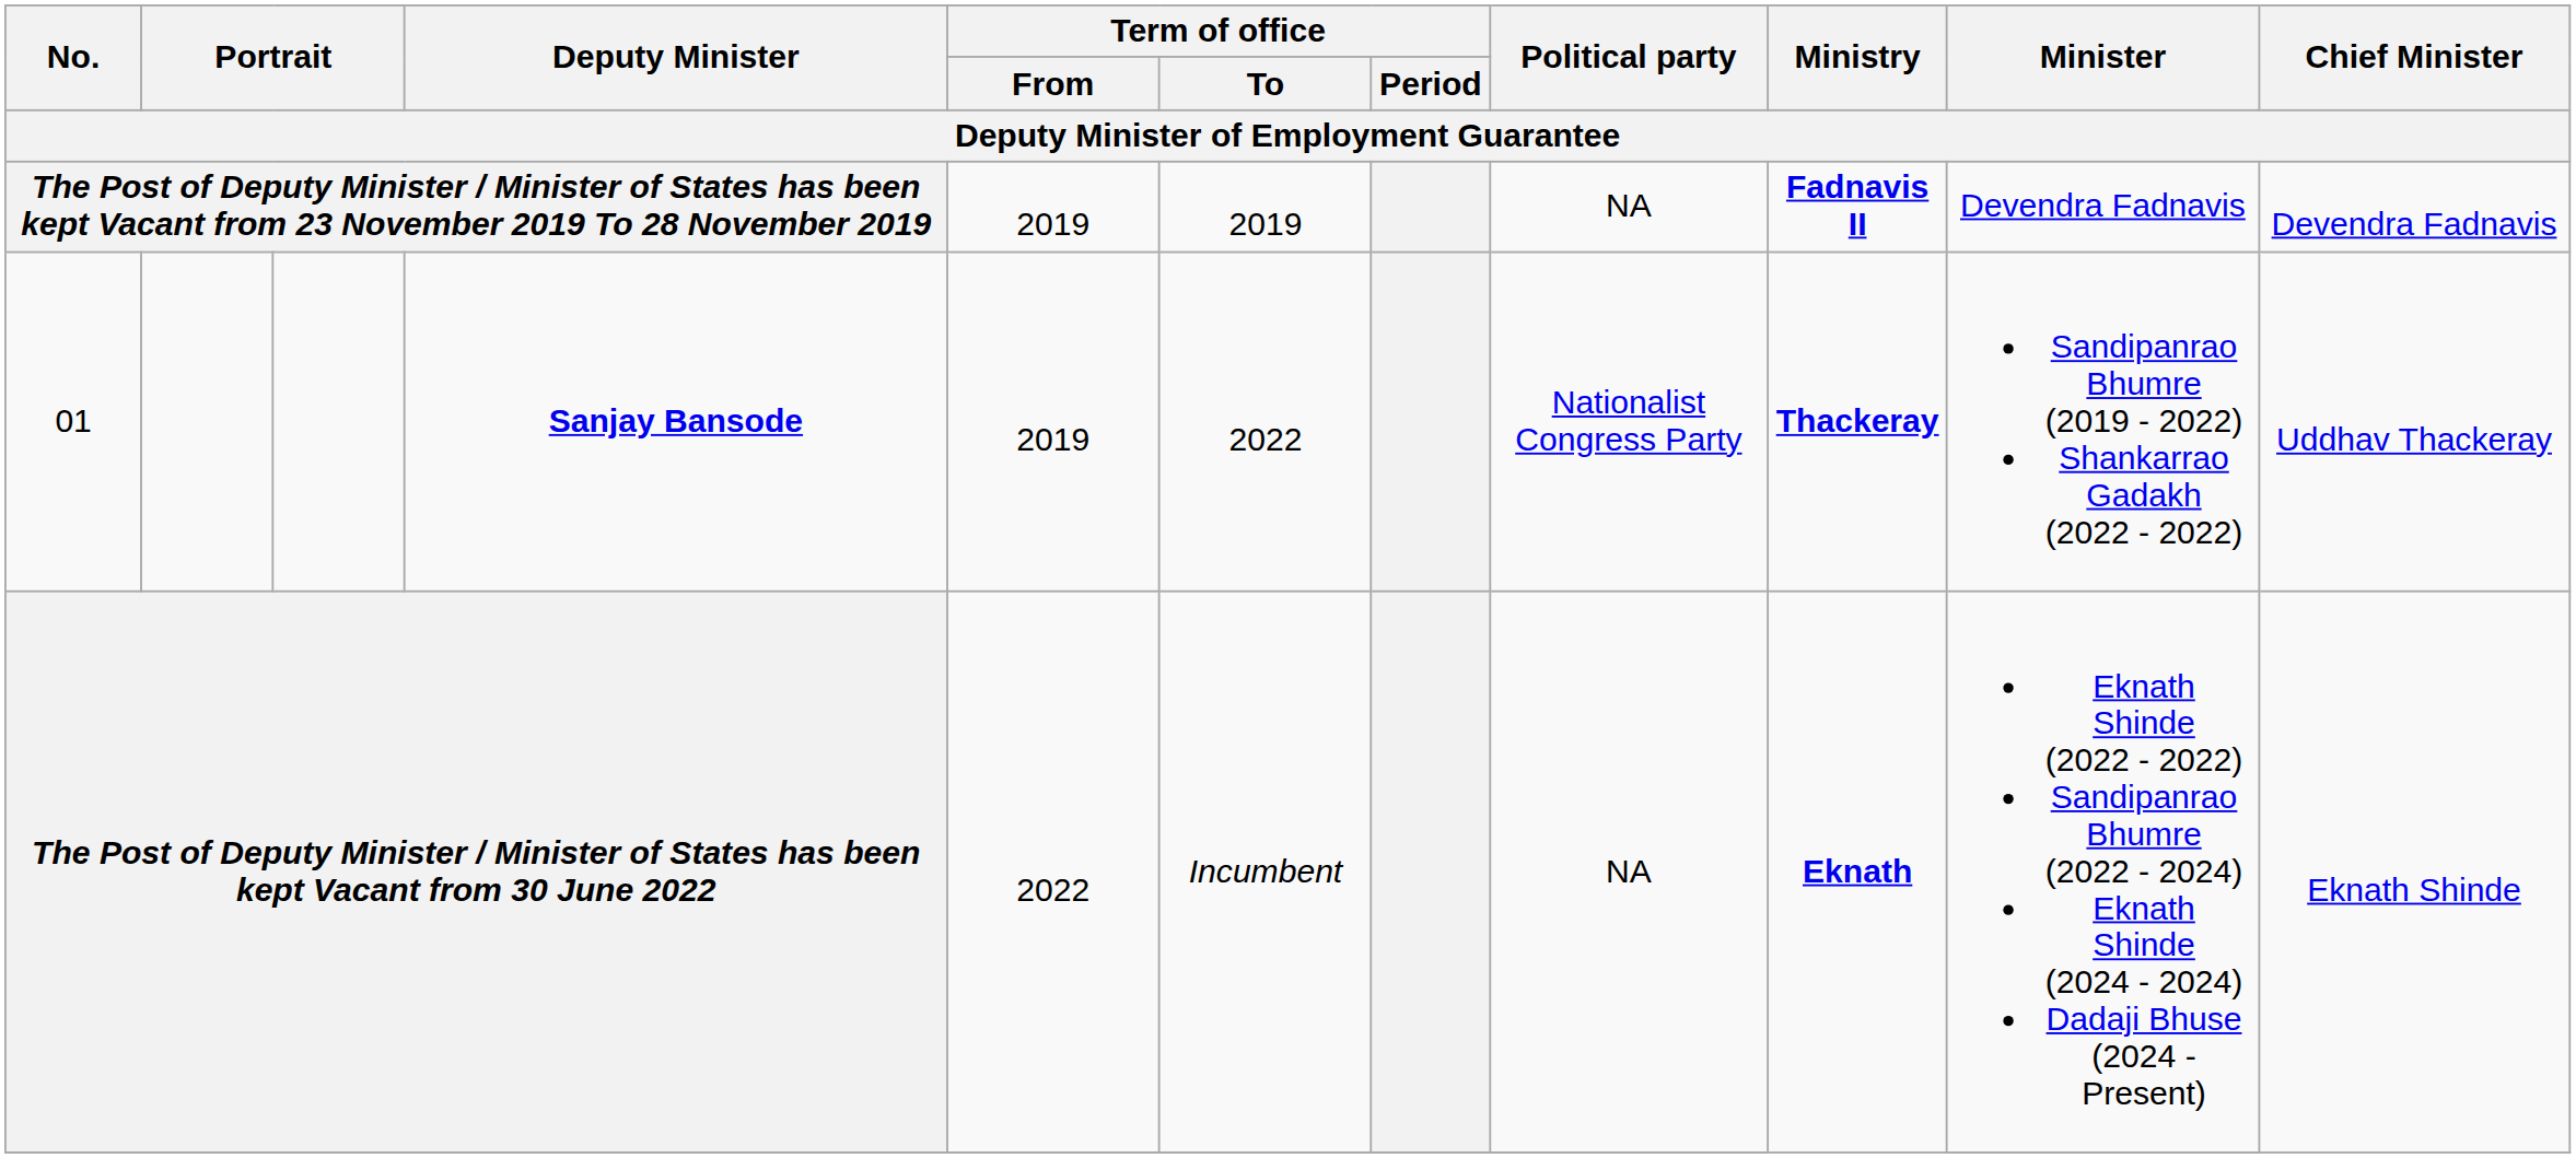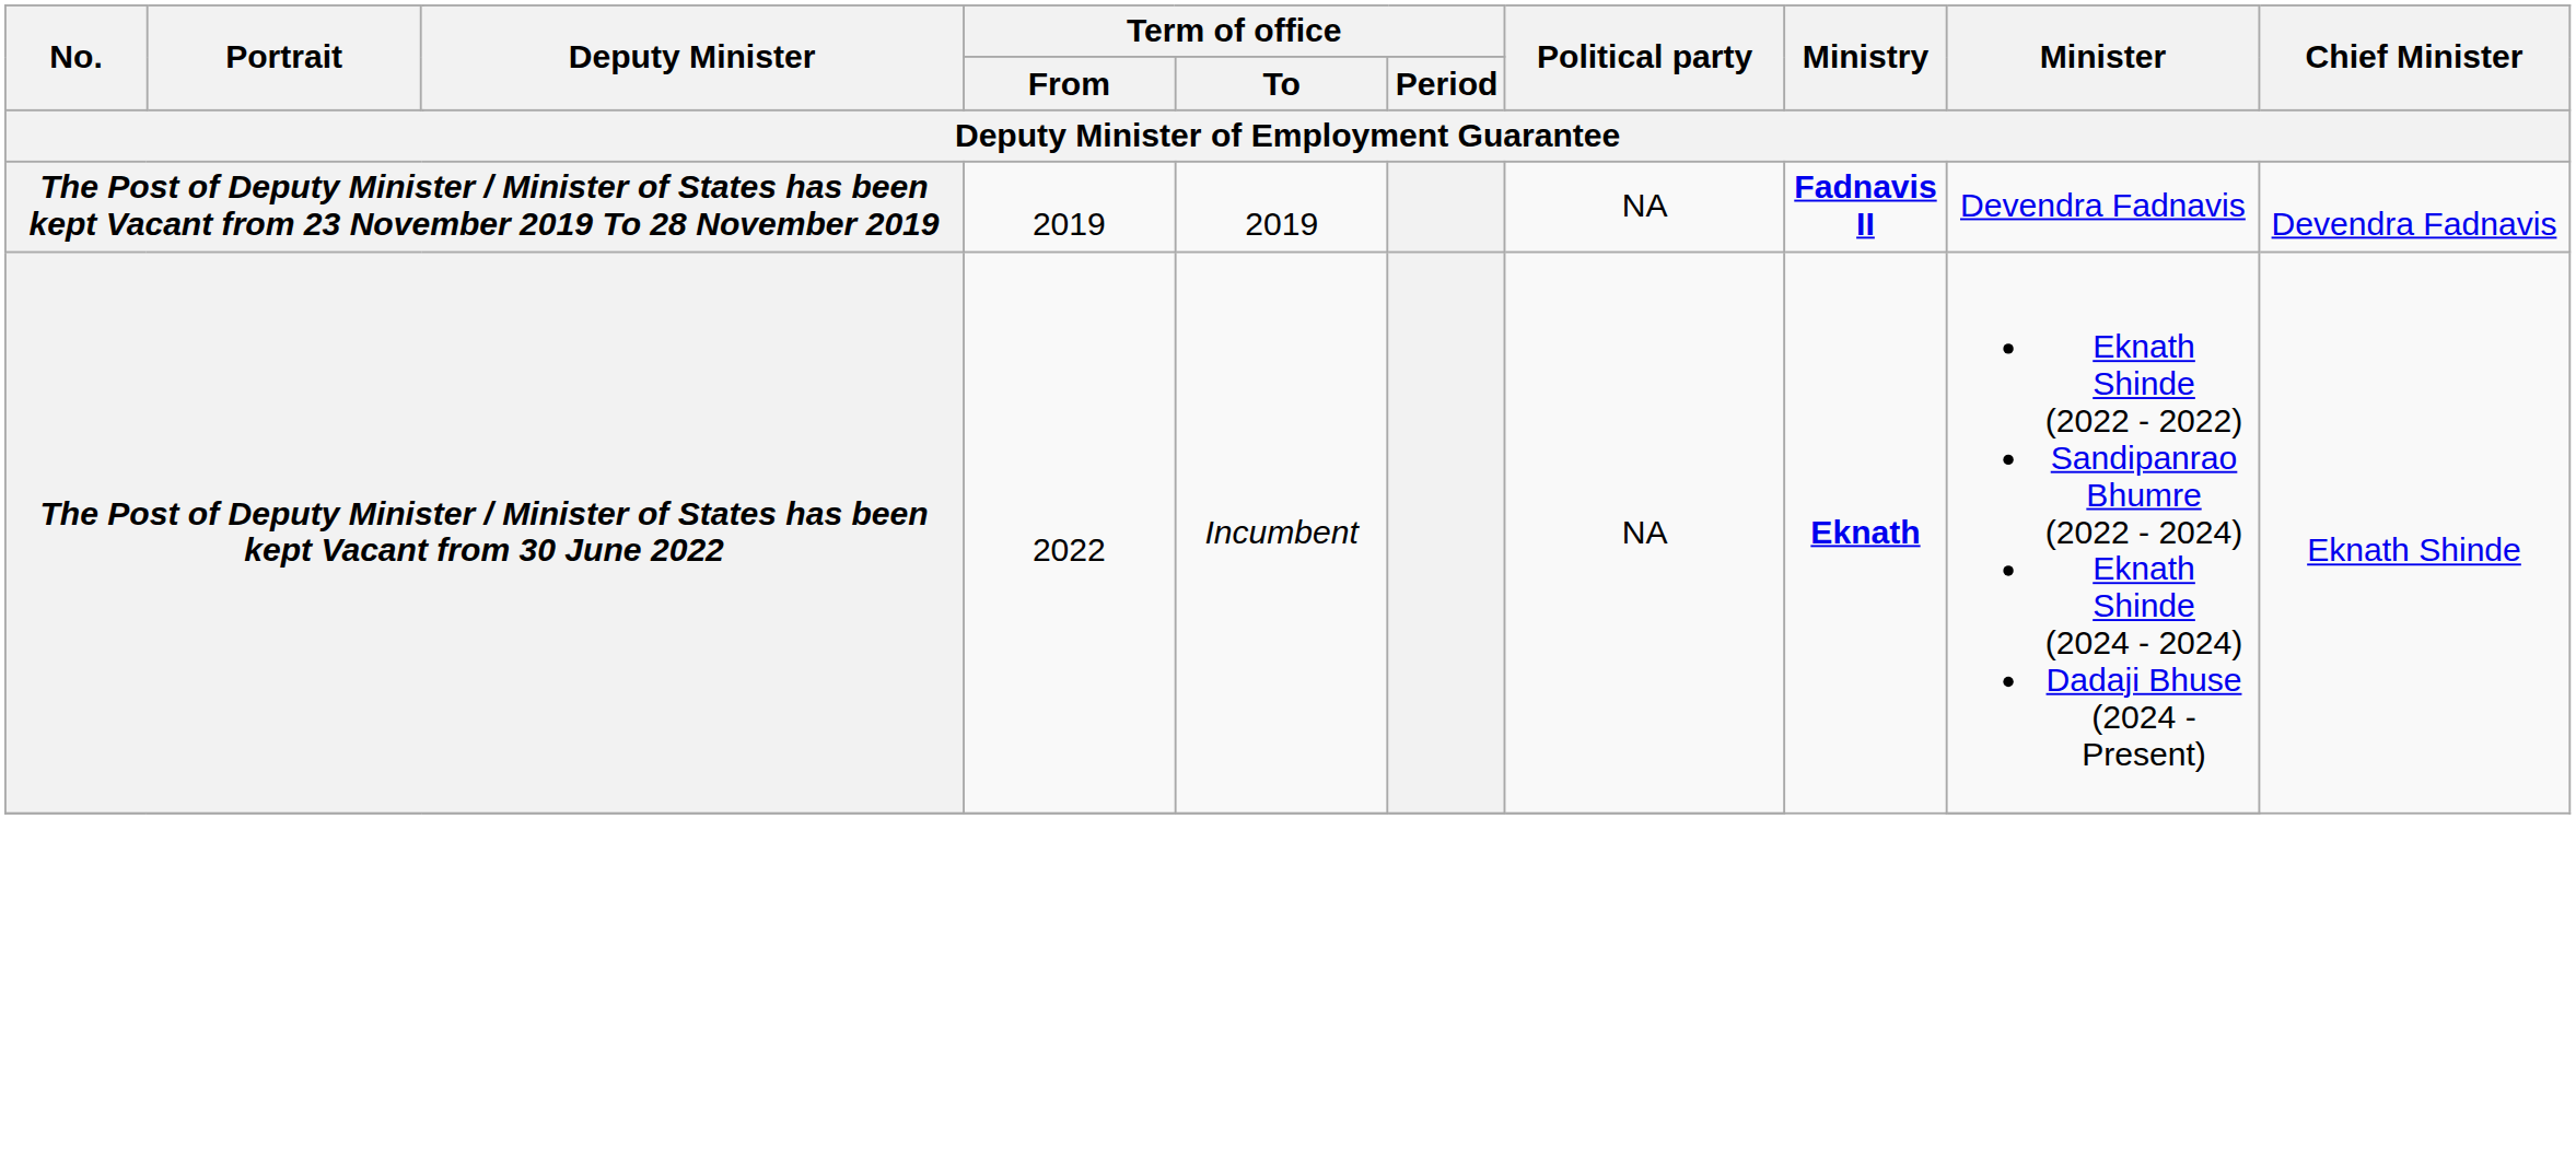 <table class="wikitable" style="text-align:center">
 <tr>
 <th rowspan="2">No.</th>
 <th rowspan="2" colspan="2">Portrait</th>
 <th rowspan="2" style="width:16em">Deputy Minister<br></th>
 <th colspan="3">Term of office</th>
 <th rowspan="2" style="width:8em">Political party</th>
 <th rowspan="2">Ministry</th>
 <th rowspan="2" style="width:9em">Minister</th>
 <th rowspan="2" style="width:9em">Chief Minister</th>
 </tr>
 <tr>
 <th style="width:6em">From</th>
 <th style="width:6em">To</th>
 <th>Period</th>
 </tr>
 <tr>
 <th colspan="11">Deputy Minister of Employment Guarantee</th>
 </tr>
 <tr>
 <th colspan="04"><strong><em>The Post of Deputy Minister / Minister of States has been kept Vacant from 23 November 2019 To 28 November 2019</em></strong></th>
 <td><br>2019</td>
 <td><br>2019</td>
 <th></th>
 <td>NA</td>
 <td rowspan="1"><a href='#'><strong>Fadnavis II</strong></a></td>
 <td><a href='#'>Devendra Fadnavis</a></td>
 <td rowspan="1"> <br><a href='#'>Devendra Fadnavis</a></td>
 </tr>
 <tr>
-<td>01</td>
-<td style="color:inherit;background:"></td>
-<td></td>
-<td><strong><a href='#'>Sanjay Bansode</a></strong> <br> </td>
-<td><br>2019</td>
-<td><br>2022</td>
-<th></th>
-<td><a href='#'>Nationalist Congress Party</a></td>
-<td rowspan="1"><a href='#'><strong>Thackeray</strong></a></td>
-<td><br><ul><li><a href='#'>Sandipanrao Bhumre</a> <br>(2019 - 2022)</li><li><a href='#'>Shankarrao Gadakh</a><br>(2022 - 2022)</li></ul></td>
-<td rowspan="1"> <br><a href='#'>Uddhav Thackeray</a></td>
-</tr>
-<tr>
 <th colspan="04"><strong><em>The Post of Deputy Minister / Minister of States has been kept Vacant from 30 June 2022</em></strong></th>
 <td><br>2022</td>
 <td><em>Incumbent</em></td>
 <th></th>
 <td>NA</td>
 <td rowspan="2"><a href='#'><strong>Eknath</strong></a></td>
 <td><br><ul><li><a href='#'>Eknath Shinde</a><br>(2022 - 2022)</li><li><a href='#'>Sandipanrao Bhumre</a><br>(2022 - 2024)</li><li><a href='#'>Eknath Shinde</a><br> (2024 - 2024)</li><li><a href='#'>Dadaji Bhuse</a><br> (2024 - Present)</li></ul></td>
 <td rowspan="2"> <br><a href='#'>Eknath Shinde</a></td>
 </tr>
 <tr>
 </tr>
 </table>
